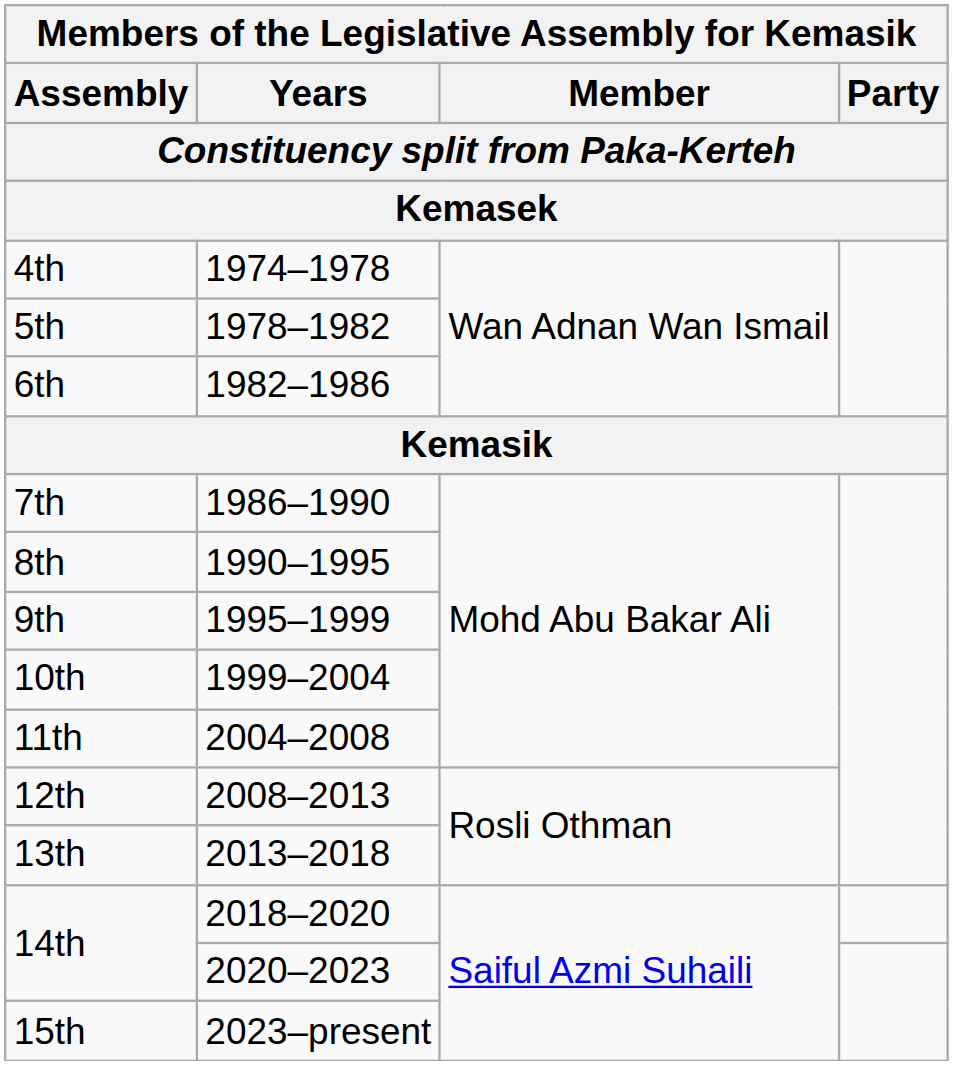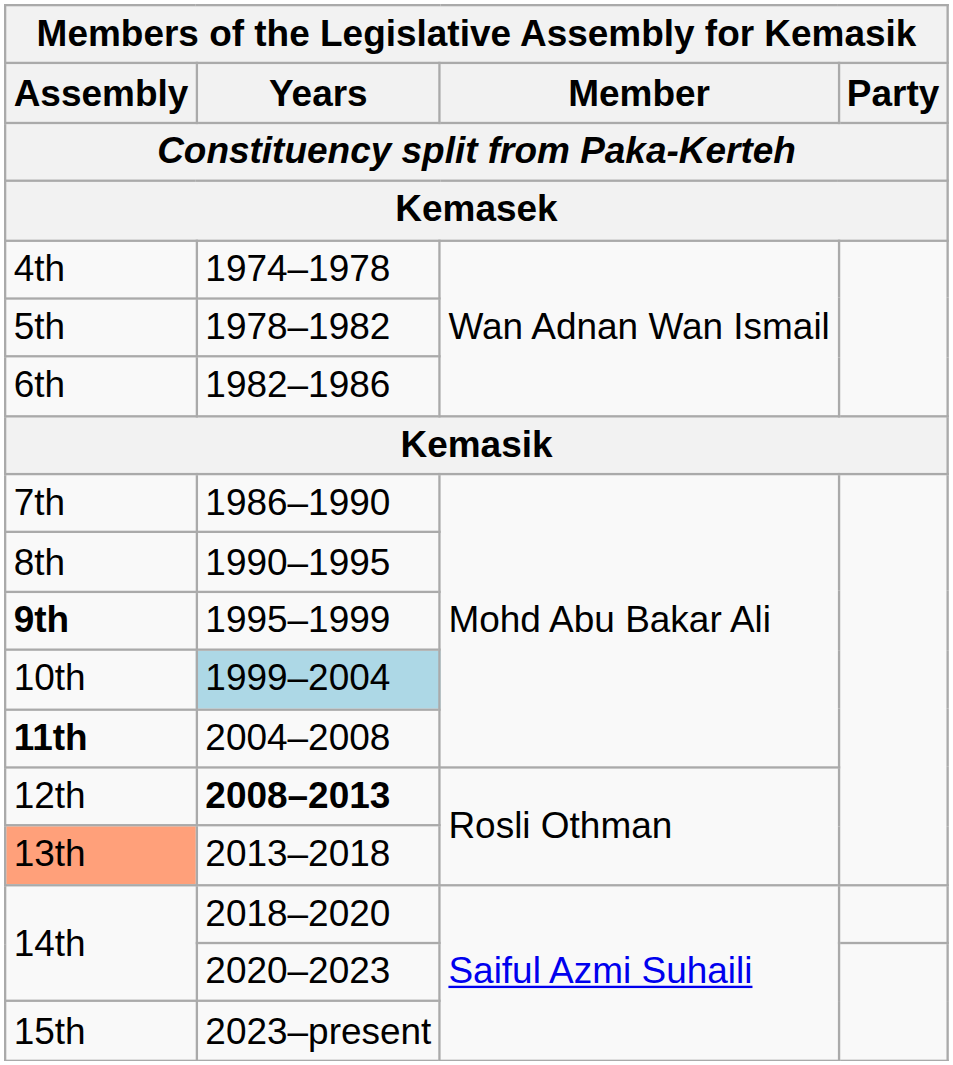 <table class="wikitable">
 <tr>
 <th colspan="4">Members of the Legislative Assembly for Kemasik</th>
 </tr>
 <tr>
 <th>Assembly</th>
 <th>Years</th>
 <th>Member</th>
 <th>Party</th>
 </tr>
 <tr>
 <th colspan="4" align="center"><em>Constituency split from Paka-Kerteh</em></th>
 </tr>
 <tr>
 <th colspan="4" align="center">Kemasek</th>
 </tr>
 <tr>
 <td>4th</td>
 <td>1974–1978</td>
 <td rowspan="3">Wan Adnan Wan Ismail</td>
 <td rowspan="3"></td>
 </tr>
 <tr>
 <td>5th</td>
 <td>1978–1982</td>
 </tr>
 <tr>
 <td>6th</td>
 <td>1982–1986</td>
 </tr>
 <tr>
 <th colspan="4" align="center">Kemasik</th>
 </tr>
 <tr>
 <td>7th</td>
 <td>1986–1990</td>
 <td rowspan="5">Mohd Abu Bakar Ali</td>
 <td rowspan="7"></td>
 </tr>
 <tr>
 <td>8th</td>
 <td>1990–1995</td>
 </tr>
 <tr>
-<td>9th</td>
+<td><strong>9th</strong></td>
 <td>1995–1999</td>
 </tr>
 <tr>
 <td>10th</td>
-<td>1999–2004</td>
+<td style="background: lightblue;">1999–2004</td>
 </tr>
 <tr>
-<td>11th</td>
+<td><strong>11th</strong></td>
 <td>2004–2008</td>
 </tr>
 <tr>
 <td>12th</td>
-<td>2008–2013</td>
+<td><strong>2008–2013</strong></td>
 <td rowspan="2">Rosli Othman</td>
 </tr>
 <tr>
-<td>13th</td>
+<td style="background: lightsalmon;">13th</td>
 <td>2013–2018</td>
 </tr>
 <tr>
 <td rowspan="2">14th</td>
 <td>2018–2020</td>
 <td rowspan="3"><a href='#'>Saiful Azmi Suhaili</a></td>
 <td></td>
 </tr>
 <tr>
 <td>2020–2023</td>
 <td rowspan=2></td>
 </tr>
 <tr>
 <td>15th</td>
 <td>2023–present</td>
 </tr>
 </table>
